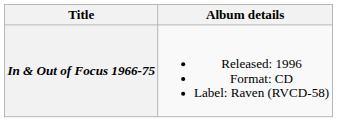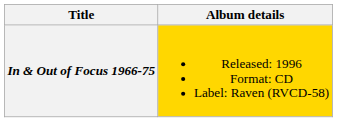 <table class="wikitable plainrowheaders" style="text-align:center;" border="1">
 <tr>
 <th>Title</th>
 <th>Album details</th>
 </tr>
 <tr>
 <th scope="row"><em>In & Out of Focus 1966-75</em></th>
-<td><br><ul><li>Released: 1996</li><li>Format: CD</li><li>Label: Raven (RVCD-58)</li></ul></td>
+<td style="background: gold;"><br><ul><li>Released: 1996</li><li>Format: CD</li><li>Label: Raven (RVCD-58)</li></ul></td>
 </tr>
 </table>
